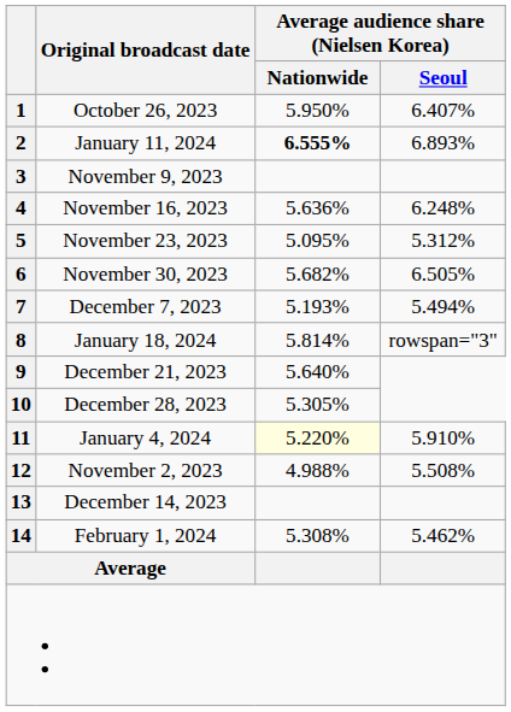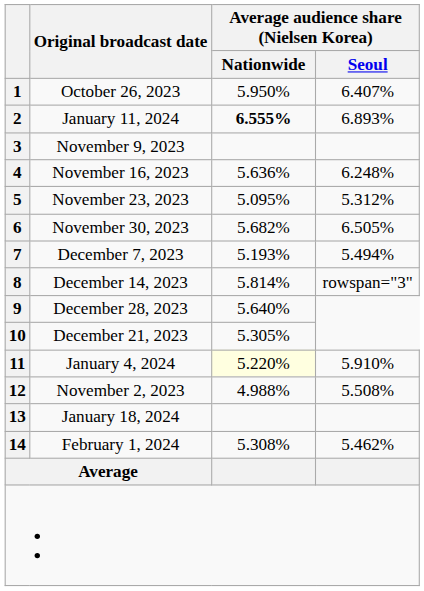 <table class="wikitable" style="text-align:center; max-width:500px; margin-left: auto; margin-right: auto; border: none;">
 <tr>
 <th rowspan="2"></th>
 <th rowspan="2">Original broadcast date</th>
 <th colspan="2">Average audience share<br>(Nielsen Korea)</th>
 </tr>
 <tr>
 <th width="90">Nationwide</th>
 <th width="90"><a href='#'>Seoul</a></th>
 </tr>
 <tr>
 <th>1</th>
 <td>October 26, 2023</td>
 <td>5.950%</td>
 <td>6.407%</td>
 </tr>
 <tr>
 <th>2</th>
 <td>January 11, 2024</td>
 <td><strong>6.555%</strong></td>
 <td>6.893%</td>
 </tr>
 <tr>
 <th>3</th>
 <td>November 9, 2023</td>
 <td><strong></strong></td>
 <td><strong></strong></td>
 </tr>
 <tr>
 <th>4</th>
 <td>November 16, 2023</td>
 <td>5.636%</td>
 <td>6.248%</td>
 </tr>
 <tr>
 <th>5</th>
 <td>November 23, 2023</td>
 <td>5.095%</td>
 <td>5.312%</td>
 </tr>
 <tr>
 <th>6</th>
 <td>November 30, 2023</td>
 <td>5.682%</td>
 <td>6.505%</td>
 </tr>
 <tr>
 <th>7</th>
 <td>December 7, 2023</td>
 <td>5.193%</td>
 <td>5.494%</td>
 </tr>
 <tr>
 <th>8</th>
-<td>January 18, 2024</td>
+<td>December 14, 2023</td>
 <td>5.814%</td>
 <td>rowspan="3" </td>
 </tr>
 <tr>
 <th>9</th>
-<td>December 21, 2023</td>
+<td>December 28, 2023</td>
 <td>5.640%</td>
 </tr>
 <tr>
 <th>10</th>
-<td>December 28, 2023</td>
+<td>December 21, 2023</td>
 <td>5.305%</td>
 </tr>
 <tr>
 <th>11</th>
 <td>January 4, 2024</td>
 <td style="background: lightyellow;">5.220%</td>
 <td>5.910%</td>
 </tr>
 <tr>
 <th>12</th>
 <td>November 2, 2023</td>
 <td>4.988%</td>
 <td>5.508%</td>
 </tr>
 <tr>
 <th>13</th>
-<td>December 14, 2023</td>
+<td>January 18, 2024</td>
 <td><strong></strong></td>
 <td><strong></strong></td>
 </tr>
 <tr>
 <th>14</th>
 <td>February 1, 2024</td>
 <td>5.308%</td>
 <td>5.462%</td>
 </tr>
 <tr>
 <th colspan="2">Average</th>
 <th></th>
 <th></th>
 </tr>
 <tr>
 <td colspan="4"><br><ul><li></li><li></li></ul></td>
 </tr>
 </table>
